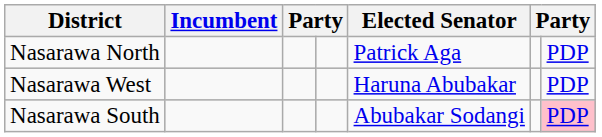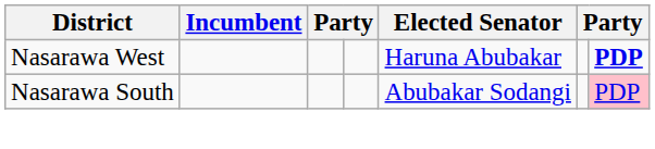 <table class="sortable wikitable" style="font-size:95%;line-height:14px;">
 <tr>
 <th class="unsortable">District</th>
 <th class="unsortable"><a href='#'>Incumbent</a></th>
 <th colspan="2">Party</th>
 <th class="unsortable">Elected Senator</th>
 <th colspan="2">Party</th>
 </tr>
 <tr>
-<td>Nasarawa North</td>
-<td></td>
-<td></td>
-<td></td>
-<td><a href='#'>Patrick Aga</a></td>
-<td style="background:"></td>
-<td><a href='#'>PDP</a></td>
-</tr>
-<tr>
 <td>Nasarawa West</td>
 <td></td>
 <td></td>
 <td></td>
 <td><a href='#'>Haruna Abubakar</a></td>
 <td style="background:"></td>
-<td><a href='#'>PDP</a></td>
+<td><strong><a href='#'>PDP</a></strong></td>
 </tr>
 <tr>
 <td>Nasarawa South</td>
 <td></td>
 <td></td>
 <td></td>
 <td><a href='#'>Abubakar Sodangi</a></td>
 <td style="background:"></td>
 <td style="background: pink;"><a href='#'>PDP</a></td>
 </tr>
 </table>
